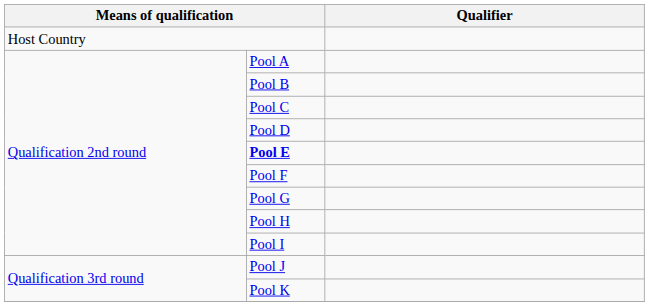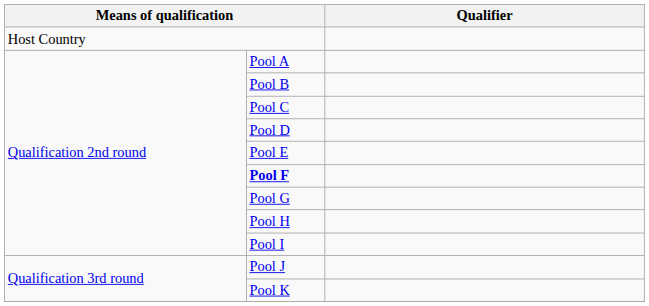 <table class="wikitable">
 <tr>
 <th colspan=2 width=30%>Means of qualification</th>
 <th width=30%>Qualifier</th>
 </tr>
 <tr>
 <td colspan=2 rowspan=1>Host Country</td>
 <td></td>
 </tr>
 <tr>
 <td rowspan=9><a href='#'>Qualification 2nd round</a></td>
 <td><a href='#'>Pool A</a></td>
 <td></td>
 </tr>
 <tr>
 <td><a href='#'>Pool B</a></td>
 <td></td>
 </tr>
 <tr>
 <td><a href='#'>Pool C</a></td>
 <td></td>
 </tr>
 <tr>
 <td><a href='#'>Pool D</a></td>
 <td></td>
 </tr>
 <tr>
-<td><strong><a href='#'>Pool E</a></strong></td>
+<td><a href='#'>Pool E</a></td>
 <td></td>
 </tr>
 <tr>
-<td><a href='#'>Pool F</a></td>
+<td><strong><a href='#'>Pool F</a></strong></td>
 <td></td>
 </tr>
 <tr>
 <td><a href='#'>Pool G</a></td>
 <td></td>
 </tr>
 <tr>
 <td><a href='#'>Pool H</a></td>
 <td></td>
 </tr>
 <tr>
 <td><a href='#'>Pool I</a></td>
 <td></td>
 </tr>
 <tr>
 <td rowspan=2><a href='#'>Qualification 3rd round</a></td>
 <td><a href='#'>Pool J</a></td>
 <td></td>
 </tr>
 <tr>
 <td><a href='#'>Pool K</a></td>
 <td></td>
 </tr>
 <tr>
 </tr>
 </table>
